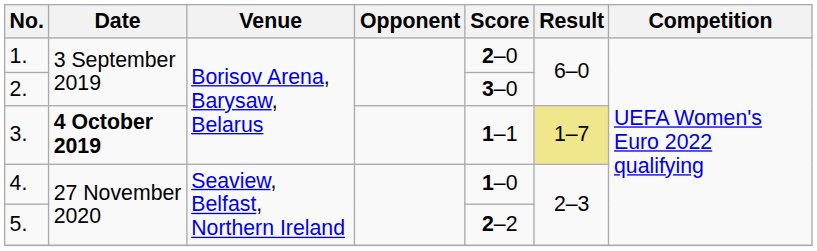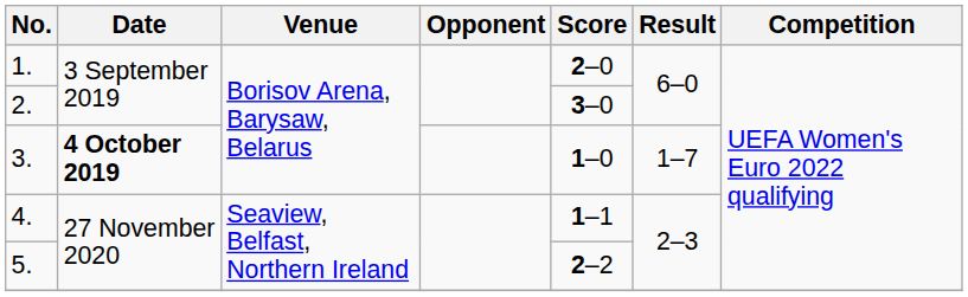 <table class="wikitable">
 <tr>
 <th>No.</th>
 <th>Date</th>
 <th>Venue</th>
 <th>Opponent</th>
 <th>Score</th>
 <th>Result</th>
 <th>Competition</th>
 </tr>
 <tr>
 <td>1.</td>
 <td rowspan=2>3 September 2019</td>
 <td rowspan=3><a href='#'>Borisov Arena</a>, <a href='#'>Barysaw</a>, <a href='#'>Belarus</a></td>
 <td rowspan=2></td>
 <td align=center><strong>2</strong>–0</td>
 <td rowspan=2 align=center>6–0</td>
 <td rowspan=5><a href='#'>UEFA Women's Euro 2022 qualifying</a></td>
 </tr>
 <tr>
 <td>2.</td>
 <td align=center><strong>3</strong>–0</td>
 </tr>
 <tr>
 <td>3.</td>
 <td><strong>4 October 2019</strong></td>
 <td></td>
-<td align=center><strong>1</strong>–1</td>
-<td align=center style="background: khaki;">1–7</td>
+<td align=center><strong>1</strong>–0</td>
+<td align=center>1–7</td>
 </tr>
 <tr>
 <td>4.</td>
 <td rowspan=2>27 November 2020</td>
 <td rowspan=2><a href='#'>Seaview</a>, <a href='#'>Belfast</a>, <a href='#'>Northern Ireland</a></td>
 <td rowspan=2></td>
-<td align=center><strong>1</strong>–0</td>
+<td align=center><strong>1</strong>–1</td>
 <td rowspan=2 align=center>2–3</td>
 </tr>
 <tr>
 <td>5.</td>
 <td align=center><strong>2</strong>–2</td>
 </tr>
 <tr>
 </tr>
 </table>
